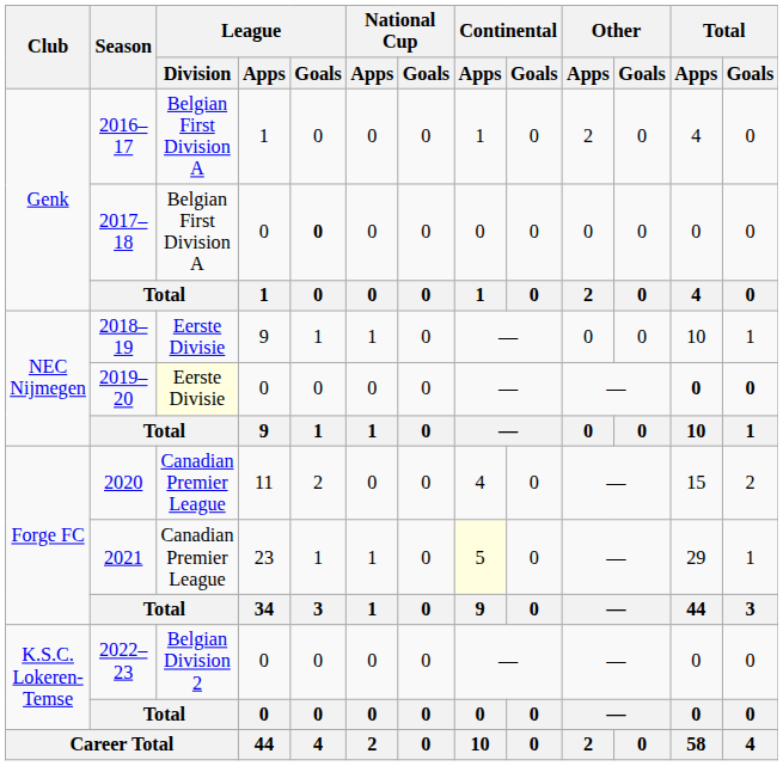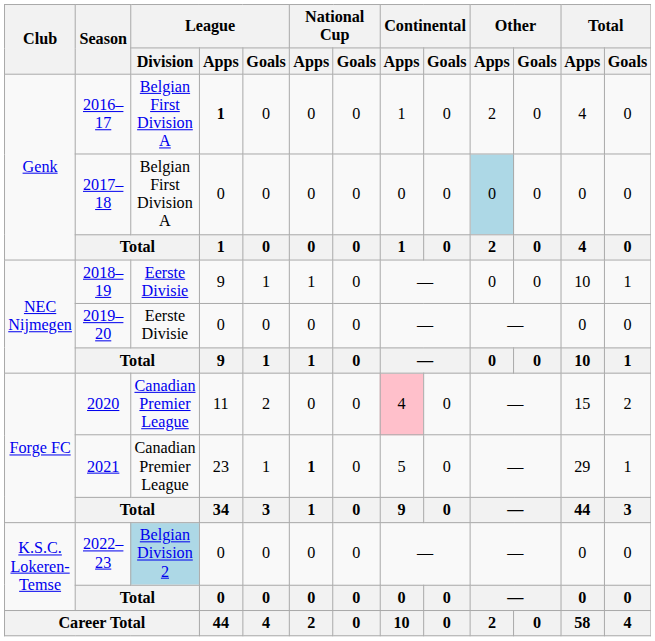 <table class="wikitable" Style="text-align: center">
 <tr>
 <th rowspan="2">Club</th>
 <th rowspan="2">Season</th>
 <th colspan="3">League</th>
 <th colspan="2">National Cup</th>
 <th colspan="2">Continental</th>
 <th colspan="2">Other</th>
 <th colspan="2">Total</th>
 </tr>
 <tr>
 <th>Division</th>
 <th>Apps</th>
 <th>Goals</th>
 <th>Apps</th>
 <th>Goals</th>
 <th>Apps</th>
 <th>Goals</th>
 <th>Apps</th>
 <th>Goals</th>
 <th>Apps</th>
 <th>Goals</th>
 </tr>
 <tr>
 <td rowspan="3"><a href='#'>Genk</a></td>
 <td><a href='#'>2016–17</a></td>
 <td><a href='#'>Belgian First Division A</a></td>
-<td>1</td>
+<td><strong>1</strong></td>
 <td>0</td>
 <td>0</td>
 <td>0</td>
 <td>1</td>
 <td>0</td>
 <td>2</td>
 <td>0</td>
 <td>4</td>
 <td>0</td>
 </tr>
 <tr>
 <td><a href='#'>2017–18</a></td>
 <td>Belgian First Division A</td>
 <td>0</td>
-<td><strong>0</strong></td>
 <td>0</td>
 <td>0</td>
 <td>0</td>
 <td>0</td>
 <td>0</td>
+<td style="background: lightblue;">0</td>
 <td>0</td>
 <td>0</td>
 <td>0</td>
 </tr>
 <tr>
 <th colspan="2">Total</th>
 <th>1</th>
 <th>0</th>
 <th>0</th>
 <th>0</th>
 <th>1</th>
 <th>0</th>
 <th>2</th>
 <th>0</th>
 <th>4</th>
 <th>0</th>
 </tr>
 <tr>
 <td rowspan="3"><a href='#'>NEC Nijmegen</a></td>
 <td><a href='#'>2018–19</a></td>
 <td><a href='#'>Eerste Divisie</a></td>
 <td>9</td>
 <td>1</td>
 <td>1</td>
 <td>0</td>
 <td colspan="2">—</td>
 <td>0</td>
 <td>0</td>
 <td>10</td>
 <td>1</td>
 </tr>
 <tr>
 <td><a href='#'>2019–20</a></td>
-<td style="background: lightyellow;">Eerste Divisie</td>
+<td>Eerste Divisie</td>
 <td>0</td>
 <td>0</td>
 <td>0</td>
 <td>0</td>
 <td colspan="2">—</td>
 <td colspan="2">—</td>
-<td><strong>0</strong></td>
-<td><strong>0</strong></td>
+<td>0</td>
+<td>0</td>
 </tr>
 <tr>
 <th colspan="2">Total</th>
 <th>9</th>
 <th>1</th>
 <th>1</th>
 <th>0</th>
 <th colspan="2">—</th>
 <th>0</th>
 <th>0</th>
 <th>10</th>
 <th>1</th>
 </tr>
 <tr>
 <td rowspan="3"><a href='#'>Forge FC</a></td>
 <td><a href='#'>2020</a></td>
 <td><a href='#'>Canadian Premier League</a></td>
 <td>11</td>
 <td>2</td>
 <td>0</td>
 <td>0</td>
-<td>4</td>
+<td style="background: pink;">4</td>
 <td>0</td>
 <td colspan="2">—</td>
 <td>15</td>
 <td>2</td>
 </tr>
 <tr>
 <td><a href='#'>2021</a></td>
 <td>Canadian Premier League</td>
 <td>23</td>
 <td>1</td>
-<td>1</td>
+<td><strong>1</strong></td>
 <td>0</td>
-<td style="background: lightyellow;">5</td>
+<td>5</td>
 <td>0</td>
 <td colspan="2">—</td>
 <td>29</td>
 <td>1</td>
 </tr>
 <tr>
 <th colspan="2">Total</th>
 <th>34</th>
 <th>3</th>
 <th>1</th>
 <th>0</th>
 <th>9</th>
 <th>0</th>
 <th colspan="2">—</th>
 <th>44</th>
 <th>3</th>
 </tr>
 <tr>
 <td rowspan="2"><a href='#'>K.S.C. Lokeren-Temse</a></td>
 <td><a href='#'>2022–23</a></td>
-<td><a href='#'>Belgian Division 2</a></td>
+<td style="background: lightblue;"><a href='#'>Belgian Division 2</a></td>
 <td>0</td>
 <td>0</td>
 <td>0</td>
 <td>0</td>
 <td colspan="2">—</td>
 <td colspan="2">—</td>
 <td>0</td>
 <td>0</td>
 </tr>
 <tr>
 <th colspan="2">Total</th>
 <th>0</th>
 <th>0</th>
 <th>0</th>
 <th>0</th>
 <th>0</th>
 <th>0</th>
 <th colspan="2">—</th>
 <th>0</th>
 <th>0</th>
 </tr>
 <tr>
 </tr>
 <tr>
 <th colspan="3">Career Total</th>
 <th>44</th>
 <th>4</th>
 <th>2</th>
 <th>0</th>
 <th>10</th>
 <th>0</th>
 <th>2</th>
 <th>0</th>
 <th>58</th>
 <th>4</th>
 </tr>
 </table>
